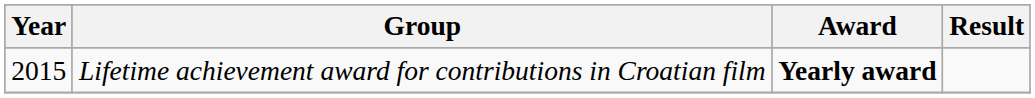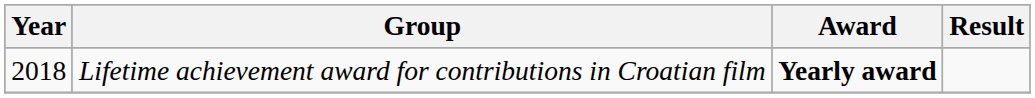 <table class="wikitable">
 <tr>
 <th>Year</th>
 <th>Group</th>
 <th>Award</th>
 <th>Result</th>
 </tr>
 <tr>
-<td align=center>2015</td>
+<td align=center>2018</td>
 <td><em>Lifetime achievement award for contributions in Croatian film</em></td>
 <td><strong>Yearly award</strong></td>
 <td></td>
 </tr>
 <tr>
 </tr>
 </table>
